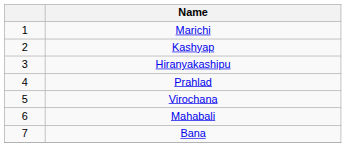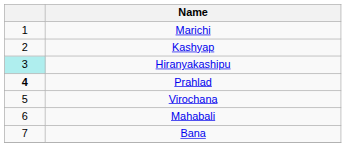 <table class="wikitable" style="text-align:center; width:25%;" align="center">
 <tr>
 <th></th>
 <th>Name</th>
 </tr>
 <tr>
 <td>1</td>
 <td><a href='#'>Marichi</a></td>
 </tr>
 <tr>
 <td>2</td>
 <td><a href='#'>Kashyap</a></td>
 </tr>
 <tr>
-<td>3</td>
+<td style="background: paleturquoise;">3</td>
 <td><a href='#'>Hiranyakashipu</a></td>
 </tr>
 <tr>
-<td>4</td>
+<td><strong>4</strong></td>
 <td><a href='#'>Prahlad</a></td>
 </tr>
 <tr>
 <td>5</td>
 <td><a href='#'>Virochana</a></td>
 </tr>
 <tr>
 <td>6</td>
 <td><a href='#'>Mahabali</a></td>
 </tr>
 <tr>
 <td>7</td>
 <td><a href='#'>Bana</a></td>
 </tr>
 <tr>
 </tr>
 </table>
